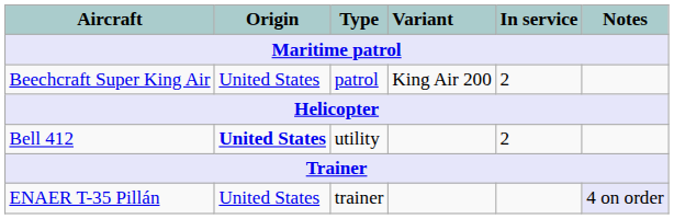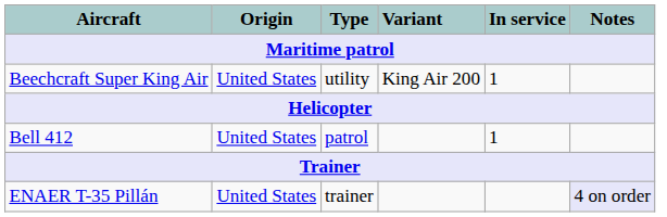 <table class="wikitable">
 <tr>
 <th style="text-align:center; background:#acc;">Aircraft</th>
 <th style="text-align: center; background:#acc;">Origin</th>
 <th style="text-align:l center; background:#acc;">Type</th>
 <th style="text-align:left; background:#acc;">Variant</th>
 <th style="text-align:center; background:#acc;">In service</th>
 <th style="text-align: center; background:#acc;">Notes</th>
 </tr>
 <tr>
 <th colspan="7" style="align: center; background: lavender;"><a href='#'>Maritime patrol</a></th>
 </tr>
 <tr>
 <td><a href='#'>Beechcraft Super King Air</a></td>
 <td><a href='#'>United States</a></td>
-<td><a href='#'>patrol</a></td>
+<td>utility</td>
 <td>King Air 200</td>
-<td>2</td>
+<td>1</td>
 <td></td>
 </tr>
 <tr>
 <th colspan="7" style="align: center; background: lavender;"><a href='#'>Helicopter</a></th>
 </tr>
 <tr>
 <td><a href='#'>Bell 412</a></td>
-<td><strong><a href='#'>United States</a></strong></td>
-<td>utility</td>
+<td><a href='#'>United States</a></td>
+<td><a href='#'>patrol</a></td>
 <td></td>
-<td>2</td>
+<td>1</td>
 <td></td>
 </tr>
 <tr>
 <th colspan="7" style="align: center; background: lavender;"><a href='#'>Trainer</a></th>
 </tr>
 <tr>
 <td><a href='#'>ENAER T-35 Pillán</a></td>
 <td><a href='#'>United States</a></td>
 <td>trainer</td>
 <td></td>
 <td></td>
 <td style="background: lavender;">4 on order</td>
 </tr>
 </table>
